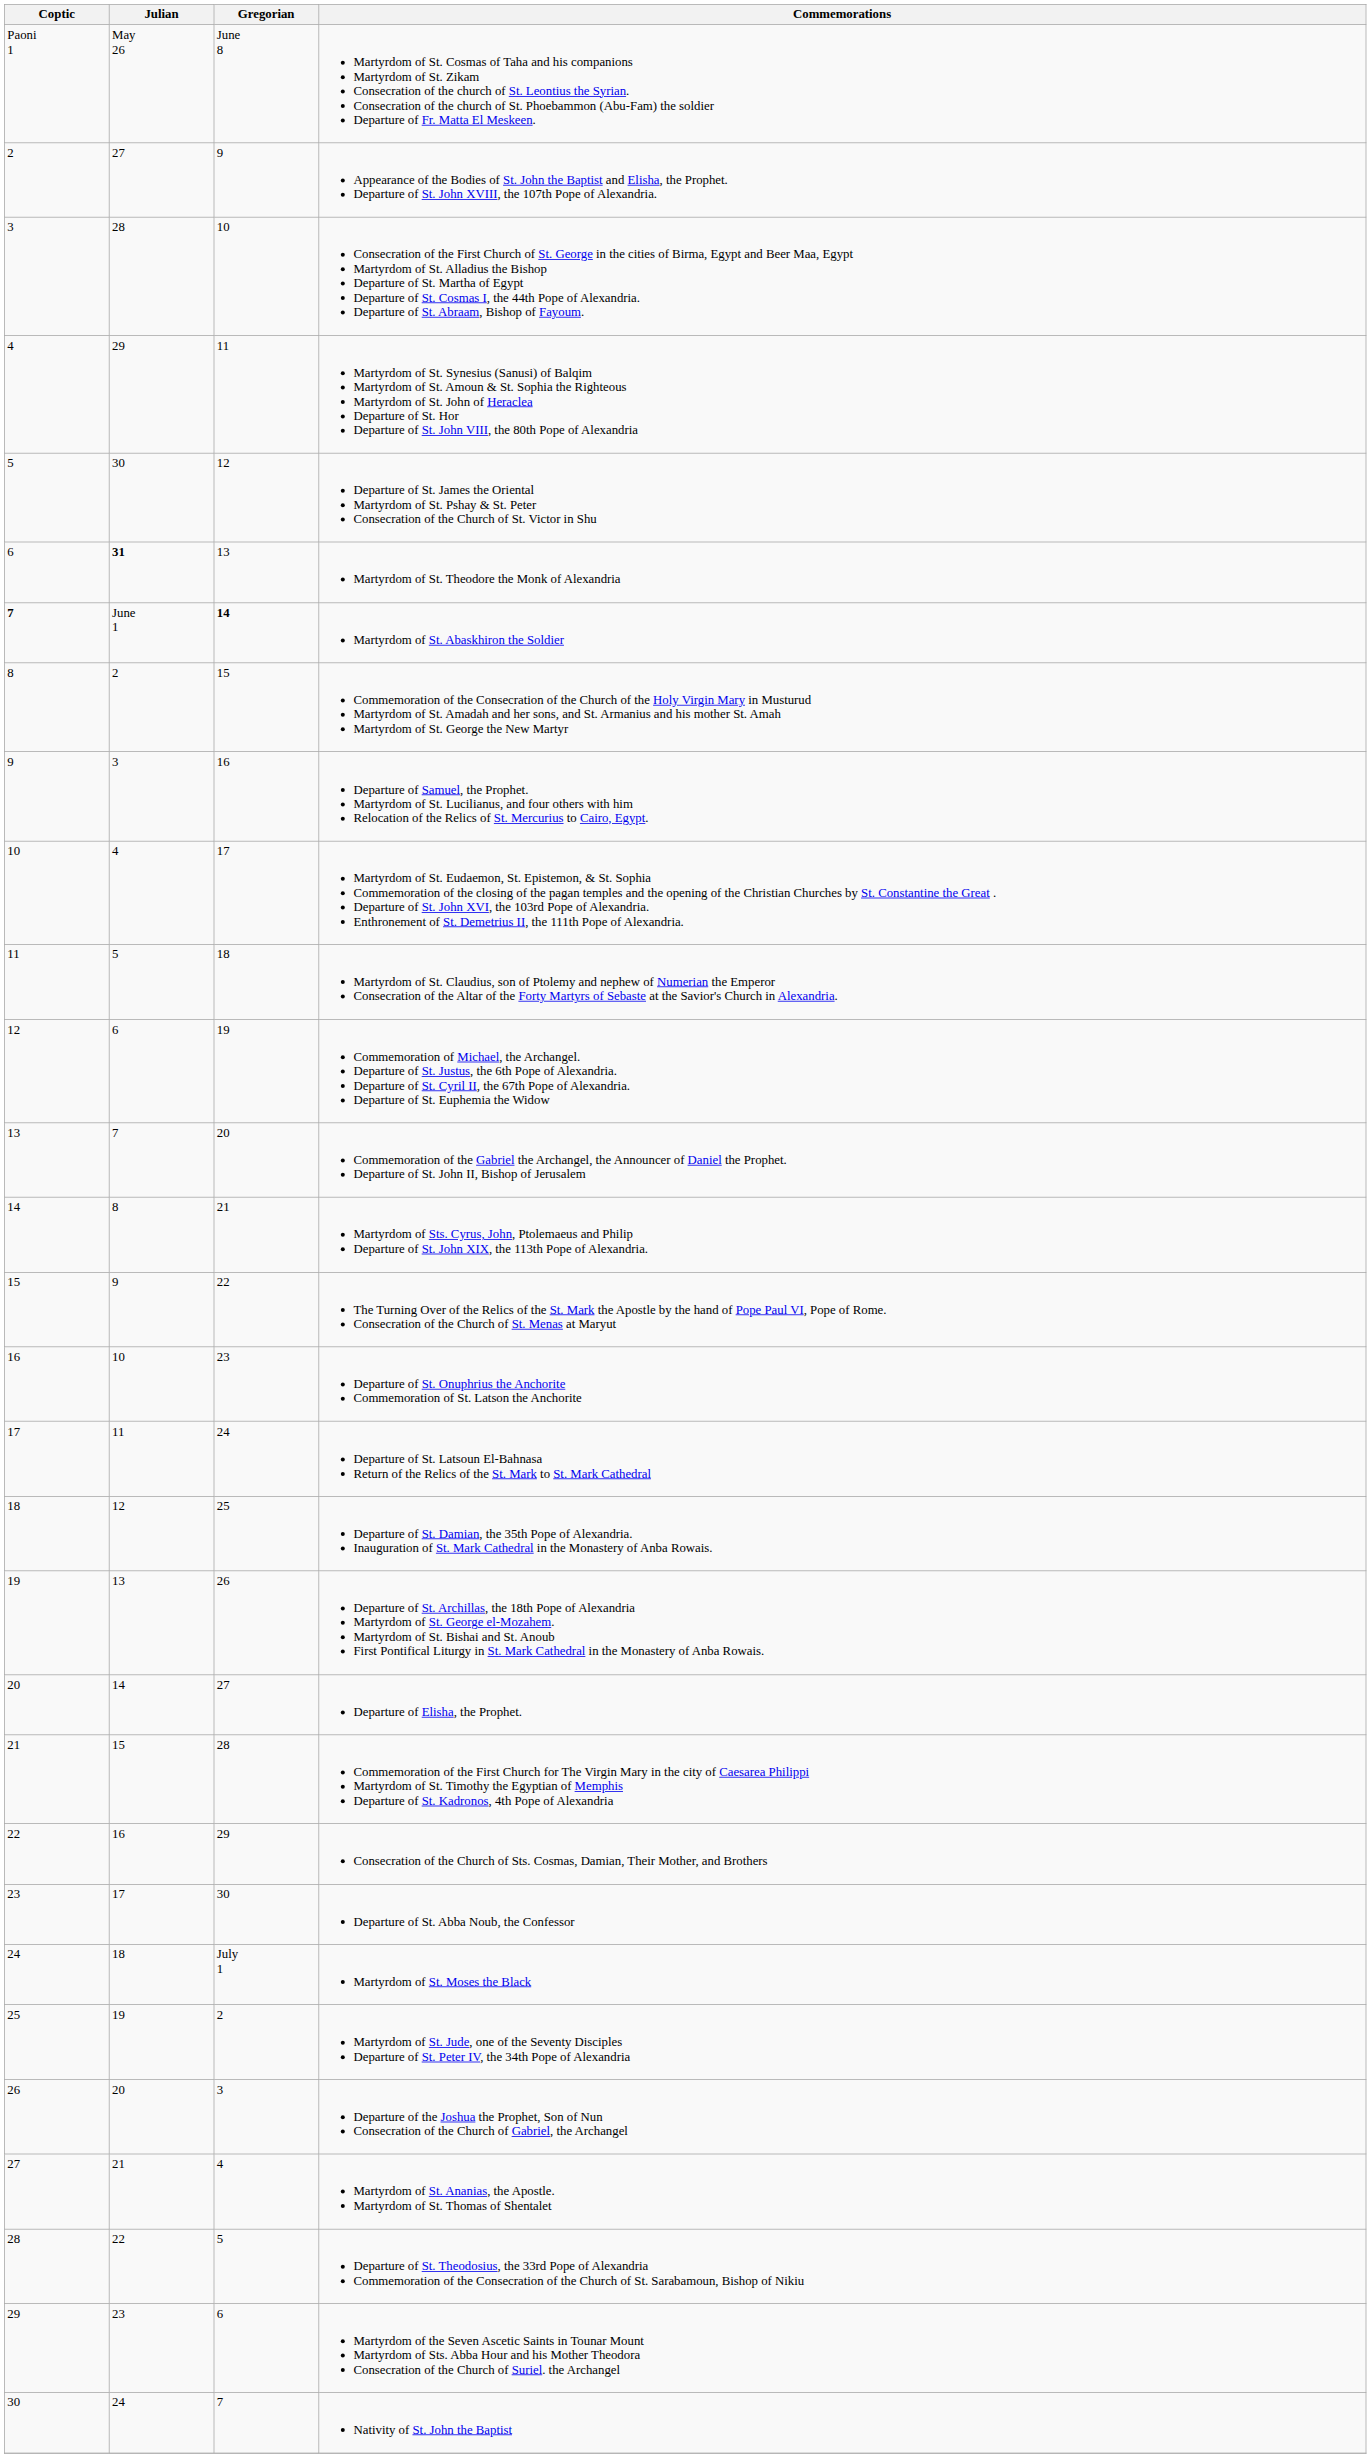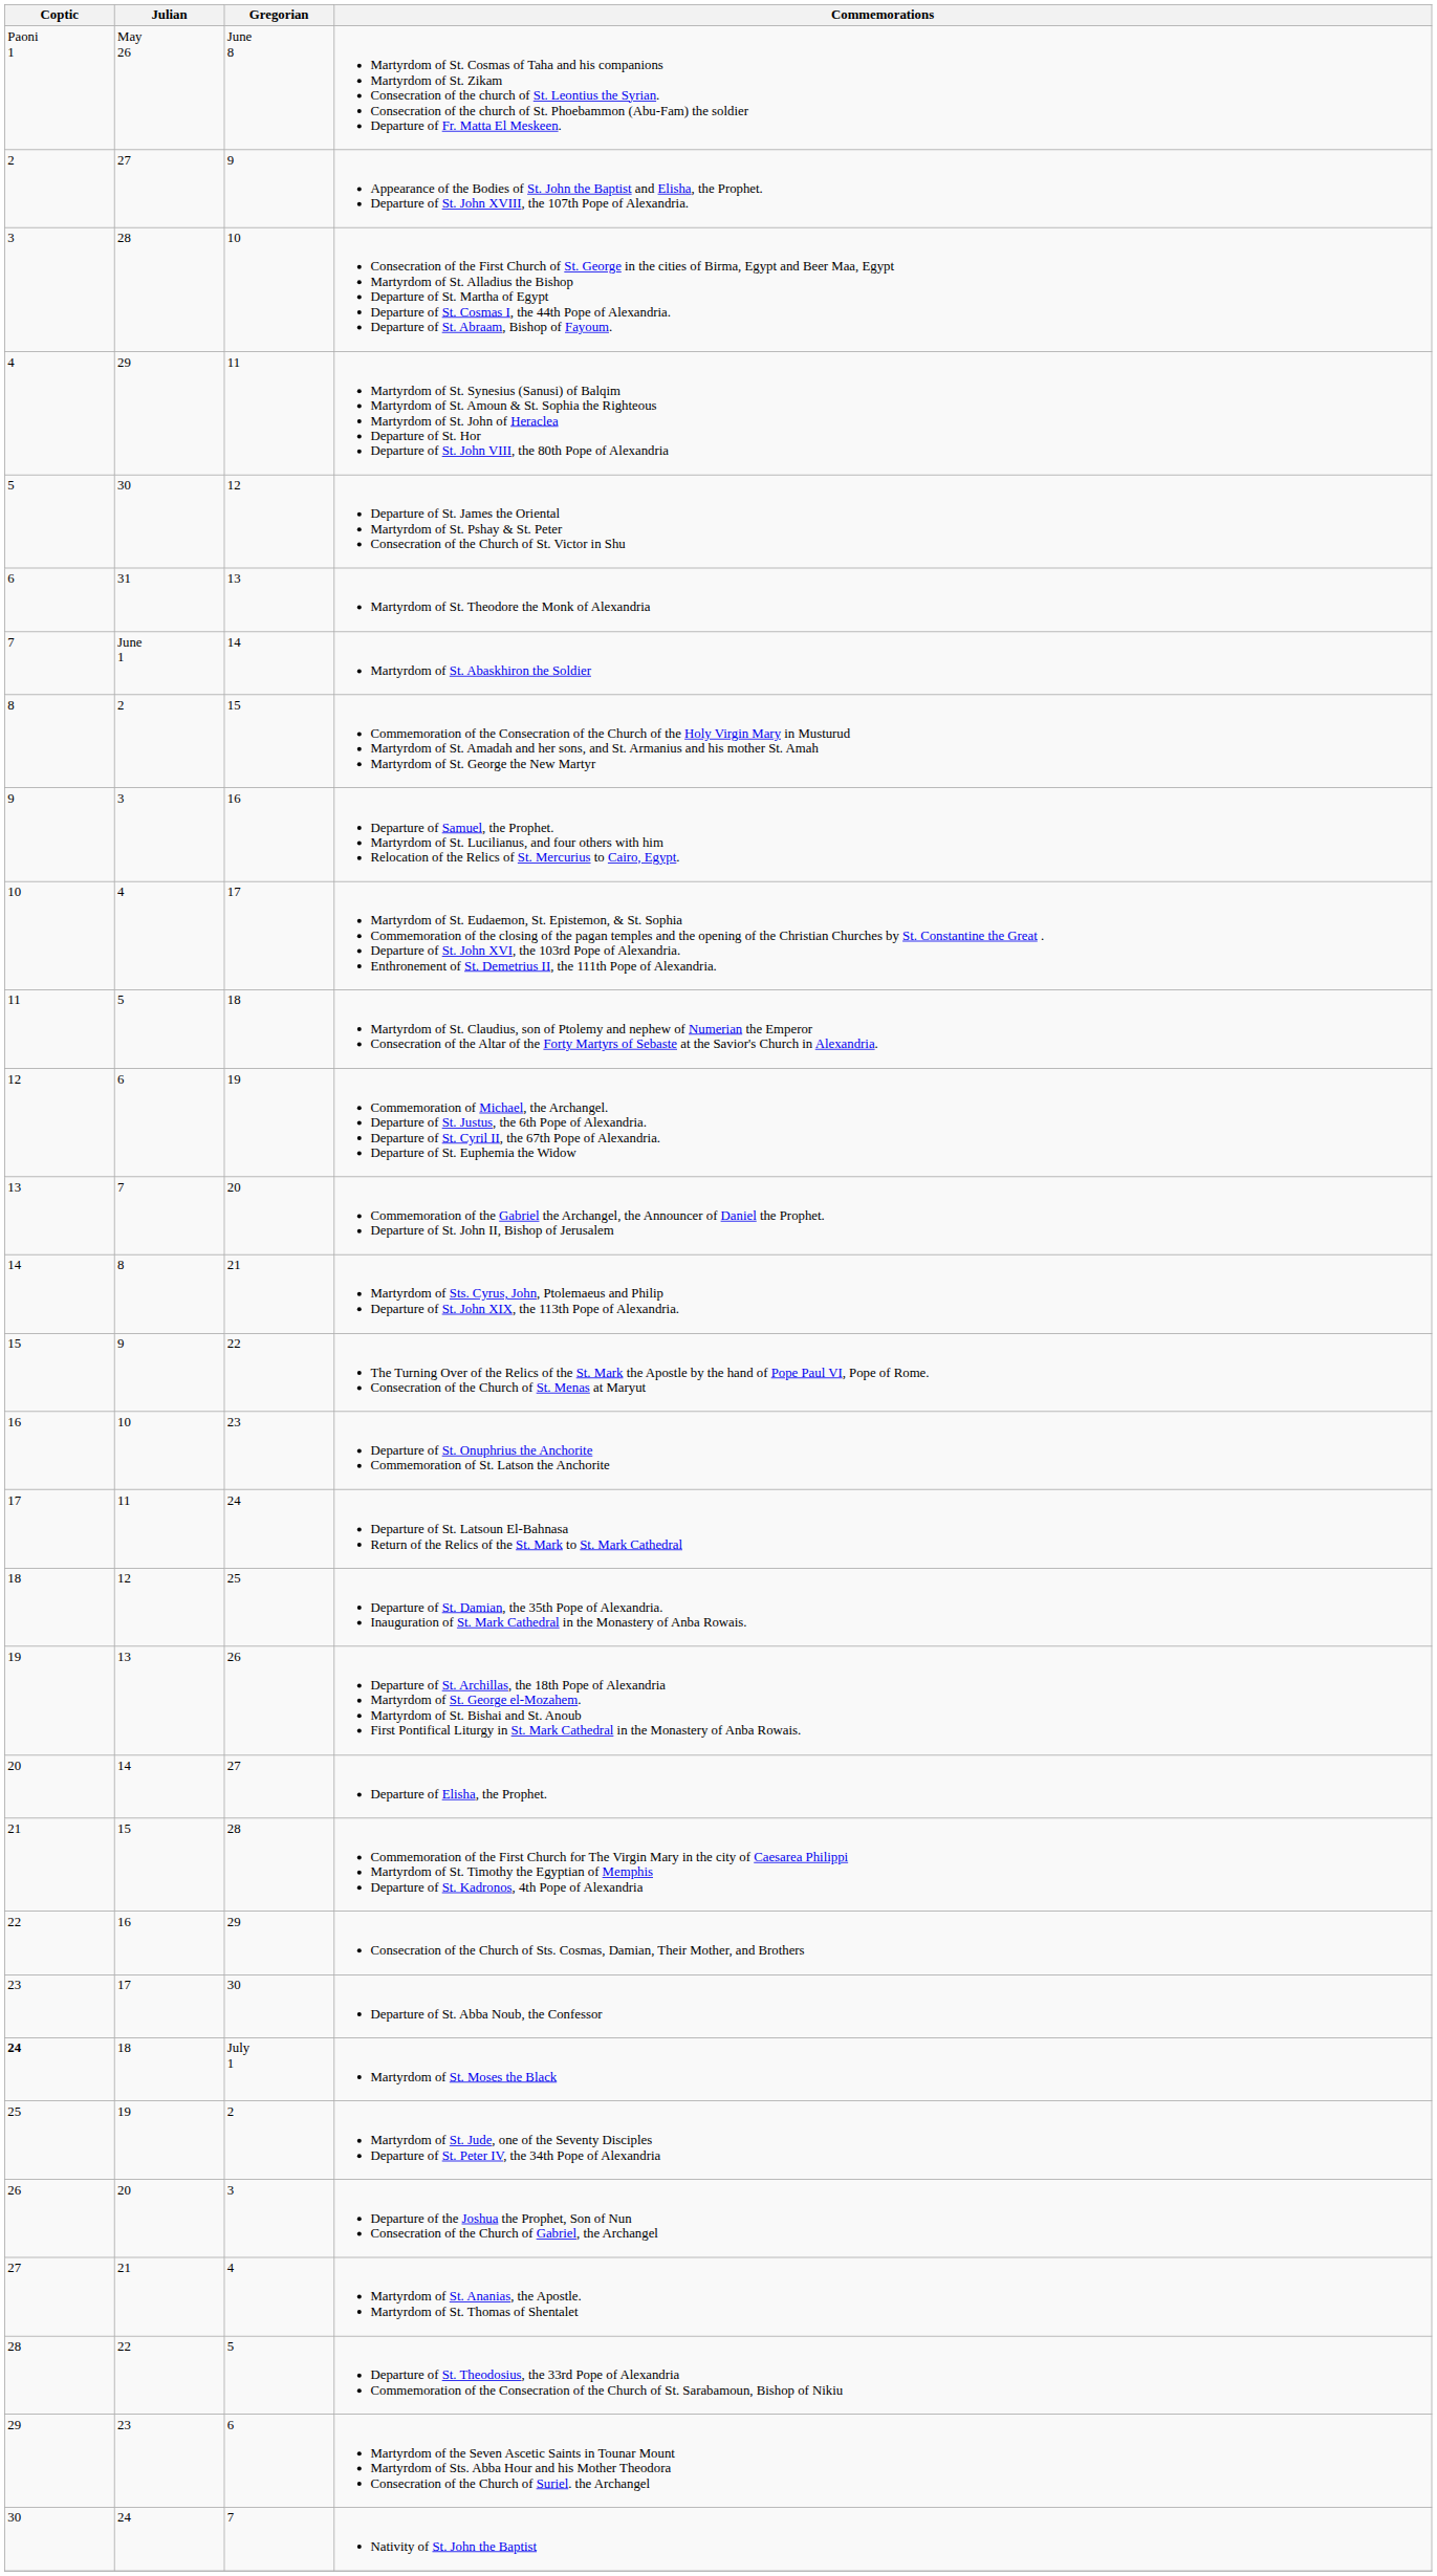 <table class="wikitable">
 <tr>
 <th style="width:5%;">Coptic</th>
 <th style="width:5%;">Julian</th>
 <th style="width:5%;">Gregorian</th>
 <th style="width:50%;">Commemorations</th>
 </tr>
 <tr valign="top">
 <td>Paoni<br>1</td>
 <td>May<br>26</td>
 <td>June<br>8</td>
 <td><br><ul><li>Martyrdom of St. Cosmas of Taha and his companions</li><li>Martyrdom of St. Zikam</li><li>Consecration of the church of <a href='#'>St. Leontius the Syrian</a>.</li><li>Consecration of the church of St. Phoebammon (Abu-Fam) the soldier</li><li>Departure of <a href='#'>Fr. Matta El Meskeen</a>.</li></ul></td>
 </tr>
 <tr valign="top">
 <td>2</td>
 <td>27</td>
 <td>9</td>
 <td><br><ul><li>Appearance of the Bodies of <a href='#'>St. John the Baptist</a> and <a href='#'>Elisha</a>, the Prophet.</li><li>Departure of <a href='#'>St. John XVIII</a>, the 107th Pope of Alexandria.</li></ul></td>
 </tr>
 <tr valign="top">
 <td>3</td>
 <td>28</td>
 <td>10</td>
 <td><br><ul><li>Consecration of the First Church of <a href='#'>St. George</a> in the cities of Birma, Egypt and Beer Maa, Egypt</li><li>Martyrdom of St. Alladius the Bishop</li><li>Departure of St. Martha of Egypt</li><li>Departure of <a href='#'>St. Cosmas I</a>, the 44th Pope of Alexandria.</li><li>Departure of <a href='#'>St. Abraam</a>, Bishop of <a href='#'>Fayoum</a>.</li></ul></td>
 </tr>
 <tr valign="top">
 <td>4</td>
 <td>29</td>
 <td>11</td>
 <td><br><ul><li>Martyrdom of St. Synesius (Sanusi) of Balqim</li><li>Martyrdom of St. Amoun & St. Sophia the Righteous</li><li>Martyrdom of St. John of <a href='#'>Heraclea</a></li><li>Departure of St. Hor</li><li>Departure of <a href='#'>St. John VIII</a>, the 80th Pope of Alexandria</li></ul></td>
 </tr>
 <tr valign="top">
 <td>5</td>
 <td>30</td>
 <td>12</td>
 <td><br><ul><li>Departure of St. James the Oriental</li><li>Martyrdom of St. Pshay & St. Peter</li><li>Consecration of the Church of St. Victor in Shu</li></ul></td>
 </tr>
 <tr valign="top">
 <td>6</td>
-<td><strong>31</strong></td>
+<td>31</td>
 <td>13</td>
 <td><br><ul><li>Martyrdom of St. Theodore the Monk of Alexandria</li></ul></td>
 </tr>
 <tr valign="top">
-<td><strong>7</strong></td>
+<td>7</td>
 <td>June<br>1</td>
-<td><strong>14</strong></td>
+<td>14</td>
 <td><br><ul><li>Martyrdom of <a href='#'>St. Abaskhiron the Soldier</a></li></ul></td>
 </tr>
 <tr valign="top">
 <td>8</td>
 <td>2</td>
 <td>15</td>
 <td><br><ul><li>Commemoration of the Consecration of the Church of the <a href='#'>Holy Virgin Mary</a> in Musturud</li><li>Martyrdom of St. Amadah and her sons, and St. Armanius and his mother St. Amah</li><li>Martyrdom of St. George the New Martyr</li></ul></td>
 </tr>
 <tr valign="top">
 <td>9</td>
 <td>3</td>
 <td>16</td>
 <td><br><ul><li>Departure of <a href='#'>Samuel</a>, the Prophet.</li><li>Martyrdom of St. Lucilianus, and four others with him</li><li>Relocation of the Relics of <a href='#'>St. Mercurius</a> to <a href='#'>Cairo, Egypt</a>.</li></ul></td>
 </tr>
 <tr valign="top">
 <td>10</td>
 <td>4</td>
 <td>17</td>
 <td><br><ul><li>Martyrdom of St. Eudaemon, St. Epistemon, & St. Sophia</li><li>Commemoration of the closing of the pagan temples and the opening of the Christian Churches by <a href='#'>St. Constantine the Great</a> .</li><li>Departure of <a href='#'>St. John XVI</a>, the 103rd Pope of Alexandria.</li><li>Enthronement of <a href='#'>St. Demetrius II</a>, the 111th Pope of Alexandria.</li></ul></td>
 </tr>
 <tr valign="top">
 <td>11</td>
 <td>5</td>
 <td>18</td>
 <td><br><ul><li>Martyrdom of St. Claudius, son of Ptolemy and nephew of <a href='#'>Numerian</a> the Emperor</li><li>Consecration of the Altar of the <a href='#'>Forty Martyrs of Sebaste</a> at the Savior's Church in <a href='#'>Alexandria</a>.</li></ul></td>
 </tr>
 <tr valign="top">
 <td>12</td>
 <td>6</td>
 <td>19</td>
 <td><br><ul><li>Commemoration of <a href='#'>Michael</a>, the Archangel.</li><li>Departure of <a href='#'>St. Justus</a>, the 6th Pope of Alexandria.</li><li>Departure of <a href='#'>St. Cyril II</a>, the 67th Pope of Alexandria.</li><li>Departure of St. Euphemia the Widow</li></ul></td>
 </tr>
 <tr valign="top">
 <td>13</td>
 <td>7</td>
 <td>20</td>
 <td><br><ul><li>Commemoration of the <a href='#'>Gabriel</a> the Archangel, the Announcer of <a href='#'>Daniel</a> the Prophet.</li><li>Departure of St. John II, Bishop of Jerusalem</li></ul></td>
 </tr>
 <tr valign="top">
 <td>14</td>
 <td>8</td>
 <td>21</td>
 <td><br><ul><li>Martyrdom of <a href='#'>Sts. Cyrus, John</a>, Ptolemaeus and Philip</li><li>Departure of <a href='#'>St. John XIX</a>, the 113th Pope of Alexandria.</li></ul></td>
 </tr>
 <tr valign="top">
 <td>15</td>
 <td>9</td>
 <td>22</td>
 <td><br><ul><li>The Turning Over of the Relics of the <a href='#'>St. Mark</a> the Apostle by the hand of <a href='#'>Pope Paul VI</a>, Pope of Rome.</li><li>Consecration of the Church of <a href='#'>St. Menas</a> at Maryut</li></ul></td>
 </tr>
 <tr valign="top">
 <td>16</td>
 <td>10</td>
 <td>23</td>
 <td><br><ul><li>Departure of <a href='#'>St. Onuphrius the Anchorite</a></li><li>Commemoration of St. Latson the Anchorite</li></ul></td>
 </tr>
 <tr valign="top">
 <td>17</td>
 <td>11</td>
 <td>24</td>
 <td><br><ul><li>Departure of St. Latsoun El-Bahnasa</li><li>Return of the Relics of the <a href='#'>St. Mark</a> to <a href='#'>St. Mark Cathedral</a></li></ul></td>
 </tr>
 <tr valign="top">
 <td>18</td>
 <td>12</td>
 <td>25</td>
 <td><br><ul><li>Departure of <a href='#'>St. Damian</a>, the 35th Pope of Alexandria.</li><li>Inauguration of <a href='#'>St. Mark Cathedral</a> in the Monastery of Anba Rowais.</li></ul></td>
 </tr>
 <tr valign="top">
 <td>19</td>
 <td>13</td>
 <td>26</td>
 <td><br><ul><li>Departure of <a href='#'>St. Archillas</a>, the 18th Pope of Alexandria</li><li>Martyrdom of <a href='#'>St. George el-Mozahem</a>.</li><li>Martyrdom of St. Bishai and St. Anoub</li><li>First Pontifical Liturgy in <a href='#'>St. Mark Cathedral</a> in the Monastery of Anba Rowais.</li></ul></td>
 </tr>
 <tr valign="top">
 <td>20</td>
 <td>14</td>
 <td>27</td>
 <td><br><ul><li>Departure of <a href='#'>Elisha</a>, the Prophet.</li></ul></td>
 </tr>
 <tr valign="top">
 <td>21</td>
 <td>15</td>
 <td>28</td>
 <td><br><ul><li>Commemoration of the First Church for The Virgin Mary in the city of <a href='#'>Caesarea Philippi</a></li><li>Martyrdom of St. Timothy the Egyptian of <a href='#'>Memphis</a></li><li>Departure of <a href='#'>St. Kadronos</a>, 4th Pope of Alexandria</li></ul></td>
 </tr>
 <tr valign="top">
 <td>22</td>
 <td>16</td>
 <td>29</td>
 <td><br><ul><li>Consecration of the Church of Sts. Cosmas, Damian, Their Mother, and Brothers</li></ul></td>
 </tr>
 <tr valign="top">
 <td>23</td>
 <td>17</td>
 <td>30</td>
 <td><br><ul><li>Departure of St. Abba Noub, the Confessor</li></ul></td>
 </tr>
 <tr valign="top">
-<td>24</td>
+<td><strong>24</strong></td>
 <td>18</td>
 <td>July<br>1</td>
 <td><br><ul><li>Martyrdom of <a href='#'>St. Moses the Black</a></li></ul></td>
 </tr>
 <tr valign="top">
 <td>25</td>
 <td>19</td>
 <td>2</td>
 <td><br><ul><li>Martyrdom of <a href='#'>St. Jude</a>, one of the Seventy Disciples</li><li>Departure of <a href='#'>St. Peter IV</a>, the 34th Pope of Alexandria</li></ul></td>
 </tr>
 <tr valign="top">
 <td>26</td>
 <td>20</td>
 <td>3</td>
 <td><br><ul><li>Departure of the <a href='#'>Joshua</a> the Prophet, Son of Nun</li><li>Consecration of the Church of <a href='#'>Gabriel</a>, the Archangel</li></ul></td>
 </tr>
 <tr valign="top">
 <td>27</td>
 <td>21</td>
 <td>4</td>
 <td><br><ul><li>Martyrdom of <a href='#'>St. Ananias</a>, the Apostle.</li><li>Martyrdom of St. Thomas of Shentalet</li></ul></td>
 </tr>
 <tr valign="top">
 <td>28</td>
 <td>22</td>
 <td>5</td>
 <td><br><ul><li>Departure of <a href='#'>St. Theodosius</a>, the 33rd Pope of Alexandria</li><li>Commemoration of the Consecration of the Church of St. Sarabamoun, Bishop of Nikiu</li></ul></td>
 </tr>
 <tr valign="top">
 <td>29</td>
 <td>23</td>
 <td>6</td>
 <td><br><ul><li>Martyrdom of the Seven Ascetic Saints in Tounar Mount</li><li>Martyrdom of Sts. Abba Hour and his Mother Theodora</li><li>Consecration of the Church of <a href='#'>Suriel</a>. the Archangel</li></ul></td>
 </tr>
 <tr valign="top">
 <td>30</td>
 <td>24</td>
 <td>7</td>
 <td><br><ul><li>Nativity of <a href='#'>St. John the Baptist</a></li></ul></td>
 </tr>
 <tr valign="top">
 </tr>
 </table>
